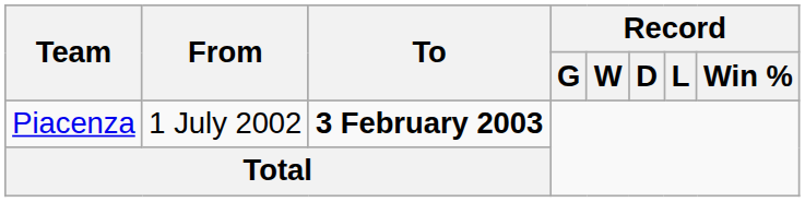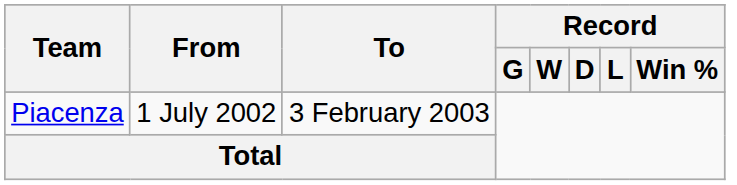 <table class="wikitable" style="text-align: center">
 <tr>
 <th rowspan="2">Team</th>
 <th rowspan="2">From</th>
 <th rowspan="2">To</th>
 <th colspan="6">Record</th>
 </tr>
 <tr>
 <th>G</th>
 <th>W</th>
 <th>D</th>
 <th>L</th>
 <th>Win %</th>
 </tr>
 <tr>
 <td align=left><a href='#'>Piacenza</a></td>
 <td align=left>1 July 2002</td>
-<td align=left><strong>3 February 2003<br></strong></td>
+<td align=left>3 February 2003<br></td>
 </tr>
 <tr>
 <th colspan="3">Total<br></th>
 </tr>
 </table>
